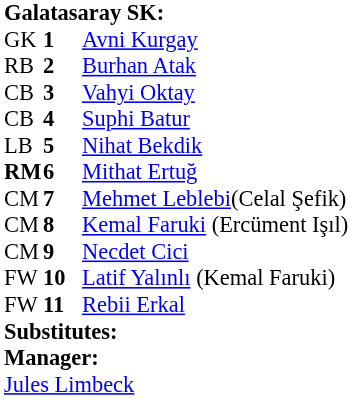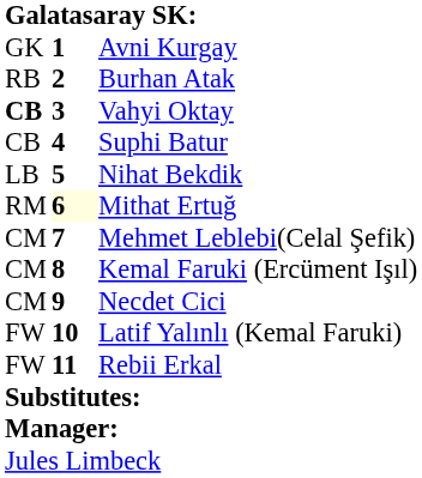 <table style="font-size: 90%" cellspacing="0" cellpadding="0">
 <tr>
 <td colspan="4"><strong>Galatasaray SK:</strong></td>
 </tr>
 <tr>
 <th width="25"></th>
 <th width="25"></th>
 </tr>
 <tr>
 <td>GK</td>
 <td><strong>1</strong></td>
 <td> <a href='#'>Avni Kurgay</a></td>
 </tr>
 <tr>
 <td>RB</td>
 <td><strong>2</strong></td>
 <td> <a href='#'>Burhan Atak</a></td>
 </tr>
 <tr>
-<td>CB</td>
+<td><strong>CB</strong></td>
 <td><strong>3</strong></td>
 <td> <a href='#'>Vahyi Oktay</a></td>
 </tr>
 <tr>
 <td>CB</td>
 <td><strong>4</strong></td>
 <td> <a href='#'>Suphi Batur</a></td>
 </tr>
 <tr>
 <td>LB</td>
 <td><strong>5</strong></td>
 <td> <a href='#'>Nihat Bekdik</a></td>
 </tr>
 <tr>
-<td><strong>RM</strong></td>
-<td><strong>6</strong></td>
+<td>RM</td>
+<td style="background: lightyellow;"><strong>6</strong></td>
 <td> <a href='#'>Mithat Ertuğ</a></td>
 </tr>
 <tr>
 <td>CM</td>
 <td><strong>7</strong></td>
 <td> <a href='#'>Mehmet Leblebi</a>(Celal Şefik)</td>
 </tr>
 <tr>
 <td>CM</td>
 <td><strong>8</strong></td>
 <td> <a href='#'>Kemal Faruki</a> (Ercüment Işıl)</td>
 </tr>
 <tr>
 <td>CM</td>
 <td><strong>9</strong></td>
 <td> <a href='#'>Necdet Cici</a></td>
 </tr>
 <tr>
 <td>FW</td>
 <td><strong>10</strong></td>
 <td> <a href='#'>Latif Yalınlı</a> (Kemal Faruki)</td>
 </tr>
 <tr>
 <td>FW</td>
 <td><strong>11</strong></td>
 <td> <a href='#'>Rebii Erkal</a></td>
 </tr>
 <tr>
 <td colspan=4><strong>Substitutes:</strong></td>
 </tr>
 <tr>
 <td colspan=4><strong>Manager:</strong></td>
 </tr>
 <tr>
 <td colspan="4"> <a href='#'>Jules Limbeck</a></td>
 </tr>
 </table>
